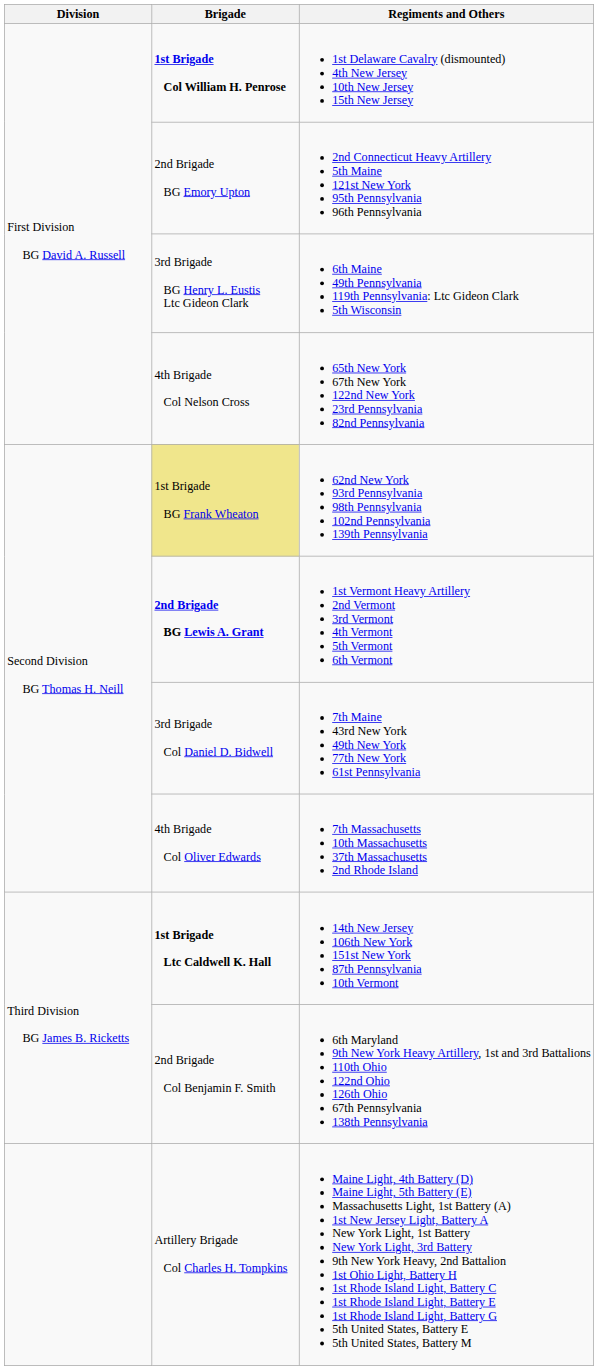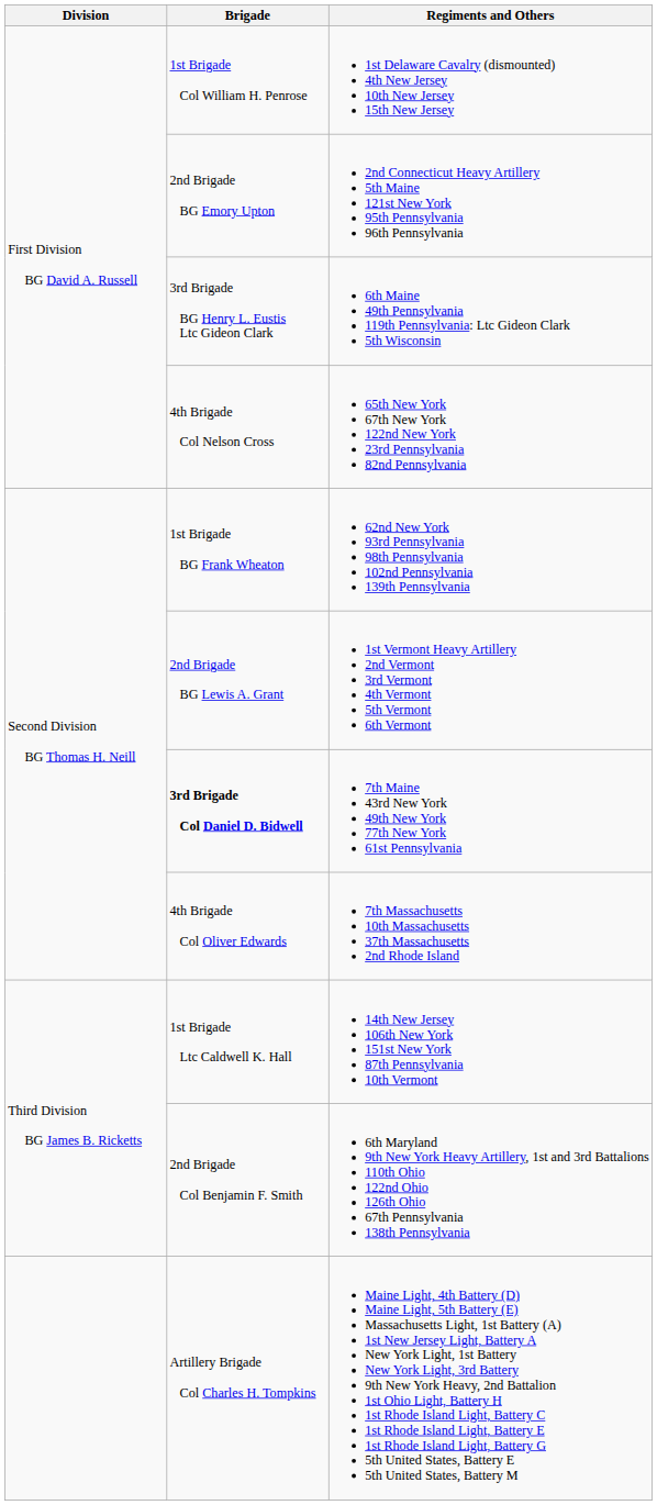 <table class="wikitable">
 <tr>
 <th width=25%>Division</th>
 <th width=25%>Brigade</th>
 <th>Regiments and Others</th>
 </tr>
 <tr>
 <td rowspan=4><br>First Division<br>  <br>     BG <a href='#'>David A. Russell</a></td>
-<td><strong><a href='#'>1st Brigade</a><br><br>   Col William H. Penrose</strong></td>
+<td><a href='#'>1st Brigade</a><br><br>   Col William H. Penrose</td>
 <td><br><ul><li><a href='#'>1st Delaware Cavalry</a> (dismounted)</li><li><a href='#'>4th New Jersey</a></li><li><a href='#'>10th New Jersey</a></li><li><a href='#'>15th New Jersey</a></li></ul></td>
 </tr>
 <tr>
 <td>2nd Brigade<br><br>   BG <a href='#'>Emory Upton</a></td>
 <td><br><ul><li><a href='#'>2nd Connecticut Heavy Artillery</a></li><li><a href='#'>5th Maine</a></li><li><a href='#'>121st New York</a></li><li><a href='#'>95th Pennsylvania</a></li><li>96th Pennsylvania</li></ul></td>
 </tr>
 <tr>
 <td>3rd Brigade<br><br>   BG <a href='#'>Henry L. Eustis</a> <br>   Ltc Gideon Clark</td>
 <td><br><ul><li><a href='#'>6th Maine</a></li><li><a href='#'>49th Pennsylvania</a></li><li><a href='#'>119th Pennsylvania</a>: Ltc Gideon Clark</li><li><a href='#'>5th Wisconsin</a></li></ul></td>
 </tr>
 <tr>
 <td>4th Brigade<br><br>   Col Nelson Cross</td>
 <td><br><ul><li><a href='#'>65th New York</a></li><li>67th New York</li><li><a href='#'>122nd New York</a></li><li><a href='#'>23rd Pennsylvania</a></li><li><a href='#'>82nd Pennsylvania</a></li></ul></td>
 </tr>
 <tr>
 <td rowspan=4><br>Second Division<br> <br>     BG <a href='#'>Thomas H. Neill</a></td>
-<td style="background: khaki;">1st Brigade<br><br>   BG <a href='#'>Frank Wheaton</a></td>
+<td>1st Brigade<br><br>   BG <a href='#'>Frank Wheaton</a></td>
 <td><br><ul><li><a href='#'>62nd New York</a></li><li><a href='#'>93rd Pennsylvania</a></li><li><a href='#'>98th Pennsylvania</a></li><li><a href='#'>102nd Pennsylvania</a></li><li><a href='#'>139th Pennsylvania</a></li></ul></td>
 </tr>
 <tr>
-<td><strong><a href='#'>2nd Brigade</a><br><br>   BG <a href='#'>Lewis A. Grant</a></strong></td>
+<td><a href='#'>2nd Brigade</a><br><br>   BG <a href='#'>Lewis A. Grant</a></td>
 <td><br><ul><li><a href='#'>1st Vermont Heavy Artillery</a></li><li><a href='#'>2nd Vermont</a></li><li><a href='#'>3rd Vermont</a></li><li><a href='#'>4th Vermont</a></li><li><a href='#'>5th Vermont</a></li><li><a href='#'>6th Vermont</a></li></ul></td>
 </tr>
 <tr>
-<td>3rd Brigade<br><br>   Col <a href='#'>Daniel D. Bidwell</a></td>
+<td><strong>3rd Brigade<br><br>   Col <a href='#'>Daniel D. Bidwell</a></strong></td>
 <td><br><ul><li><a href='#'>7th Maine</a></li><li>43rd New York</li><li><a href='#'>49th New York</a></li><li><a href='#'>77th New York</a></li><li><a href='#'>61st Pennsylvania</a></li></ul></td>
 </tr>
 <tr>
 <td>4th Brigade<br><br>   Col <a href='#'>Oliver Edwards</a></td>
 <td><br><ul><li><a href='#'>7th Massachusetts</a></li><li><a href='#'>10th Massachusetts</a></li><li><a href='#'>37th Massachusetts</a></li><li><a href='#'>2nd Rhode Island</a></li></ul></td>
 </tr>
 <tr>
 <td rowspan=2><br>Third Division<br> <br>     BG <a href='#'>James B. Ricketts</a></td>
-<td><strong>1st Brigade<br><br>   Ltc Caldwell K. Hall</strong></td>
+<td>1st Brigade<br><br>   Ltc Caldwell K. Hall</td>
 <td><br><ul><li><a href='#'>14th New Jersey</a></li><li><a href='#'>106th New York</a></li><li><a href='#'>151st New York</a></li><li><a href='#'>87th Pennsylvania</a></li><li><a href='#'>10th Vermont</a></li></ul></td>
 </tr>
 <tr>
 <td>2nd Brigade<br><br>   Col Benjamin F. Smith</td>
 <td><br><ul><li>6th Maryland</li><li><a href='#'>9th New York Heavy Artillery</a>, 1st and 3rd Battalions</li><li><a href='#'>110th Ohio</a></li><li><a href='#'>122nd Ohio</a></li><li><a href='#'>126th Ohio</a></li><li>67th Pennsylvania</li><li><a href='#'>138th Pennsylvania</a></li></ul></td>
 </tr>
 <tr>
 <td></td>
 <td>Artillery Brigade<br><br>   Col <a href='#'>Charles H. Tompkins</a></td>
 <td><br><ul><li><a href='#'>Maine Light, 4th Battery (D)</a></li><li><a href='#'>Maine Light, 5th Battery (E)</a></li><li>Massachusetts Light, 1st Battery (A)</li><li><a href='#'>1st New Jersey Light, Battery A</a></li><li>New York Light, 1st Battery</li><li><a href='#'>New York Light, 3rd Battery</a></li><li>9th New York Heavy, 2nd Battalion</li><li><a href='#'>1st Ohio Light, Battery H</a></li><li><a href='#'>1st Rhode Island Light, Battery C</a></li><li><a href='#'>1st Rhode Island Light, Battery E</a></li><li><a href='#'>1st Rhode Island Light, Battery G</a></li><li>5th United States, Battery E</li><li>5th United States, Battery M</li></ul></td>
 </tr>
 </table>
